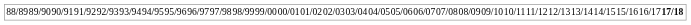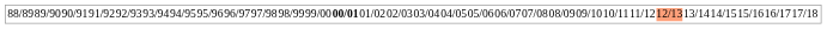 <table Cellpadding="0" CellSpacing="1" style="font-size:100%; border:1px solid #a0a0a0; padding:1px; text-align:center;">
 <tr valign="bottom">
 <td></td>
 <td></td>
 <td></td>
 <td></td>
 <td></td>
 <td></td>
 <td></td>
 <td></td>
 <td></td>
 <td></td>
 <td></td>
 <td></td>
 <td></td>
 <td></td>
 <td></td>
 <td></td>
 <td></td>
 <td></td>
 <td></td>
 <td></td>
 <td></td>
 <td></td>
 <td></td>
 <td></td>
 <td></td>
 <td></td>
 <td></td>
 <td></td>
 <td></td>
 <td></td>
 <td></td>
 </tr>
 <tr align=center style="font-size:80%;">
 <td>88/89</td>
 <td>89/90</td>
 <td>90/91</td>
 <td>91/92</td>
 <td>92/93</td>
 <td>93/94</td>
 <td>94/95</td>
 <td>95/96</td>
 <td>96/97</td>
 <td>97/98</td>
 <td>98/99</td>
 <td>99/00</td>
-<td>00/01</td>
+<td><strong>00/01</strong></td>
 <td>01/02</td>
 <td>02/03</td>
 <td>03/04</td>
 <td>04/05</td>
 <td>05/06</td>
 <td>06/07</td>
 <td>07/08</td>
 <td>08/09</td>
 <td>09/10</td>
 <td>10/11</td>
 <td>11/12</td>
-<td>12/13</td>
+<td style="background: lightsalmon;">12/13</td>
 <td>13/14</td>
 <td>14/15</td>
 <td>15/16</td>
 <td>16/17</td>
-<td><strong>17/18</strong></td>
+<td>17/18</td>
 <td></td>
 </tr>
 </table>
